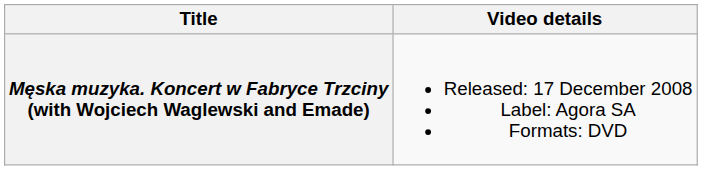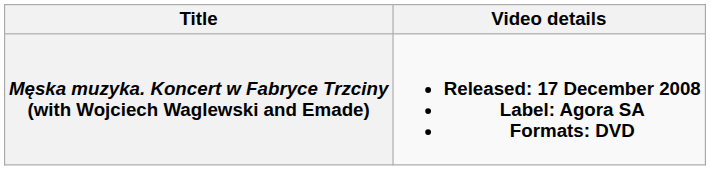 <table class="wikitable plainrowheaders" style="text-align:center;">
 <tr>
 <th scope="col">Title</th>
 <th scope="col">Video details</th>
 </tr>
 <tr>
 <th scope="row"><em>Męska muzyka. Koncert w Fabryce Trzciny</em><br>(with Wojciech Waglewski and Emade)</th>
-<td><br><ul><li>Released: 17 December 2008</li><li>Label: Agora SA</li><li>Formats: DVD</li></ul></td>
+<td><strong><br><ul><li>Released: 17 December 2008</li><li>Label: Agora SA</li><li>Formats: DVD</li></ul></strong></td>
 </tr>
 </table>
